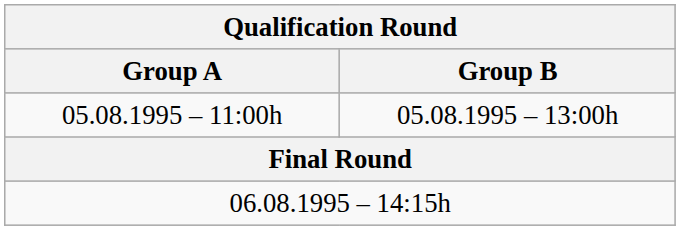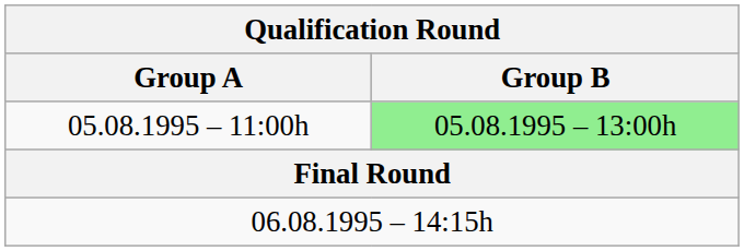 <table class="wikitable" style=" text-align:center; font-size:110%;" width="35%">
 <tr>
 <th colspan="2">Qualification Round</th>
 </tr>
 <tr>
 <th>Group A</th>
 <th>Group B</th>
 </tr>
 <tr>
 <td>05.08.1995 – 11:00h</td>
-<td>05.08.1995 – 13:00h</td>
+<td style="background: lightgreen;">05.08.1995 – 13:00h</td>
 </tr>
 <tr>
 <th colspan="2">Final Round</th>
 </tr>
 <tr>
 <td colspan="2">06.08.1995 – 14:15h</td>
 </tr>
 </table>
